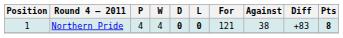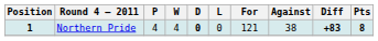 <table class="wikitable" style="text-align:center; font-size:85%;">
 <tr>
 <th width=40 abbr="Position">Position</th>
 <th width=100>Round 4 – 2011</th>
 <th width=20 abbr="Played">P</th>
 <th width=20 abbr="Won">W</th>
 <th width=20 abbr="Drawn">D</th>
 <th width=20 abbr="Lost">L</th>
 <th width=40 abbr="Points for">For</th>
 <th width=40 abbr="Points against">Against</th>
 <th width=40 abbr="Points difference">Diff</th>
 <th width=20 abbr="Points">Pts</th>
 </tr>
 <tr style="background: #d7ebed;">
-<td>1</td>
+<td><strong>1</strong></td>
 <td style="text-align:left;"> <a href='#'>Northern Pride</a></td>
 <td>4</td>
 <td>4</td>
 <td><strong>0</strong></td>
-<td><strong>0</strong></td>
+<td>0</td>
 <td>121</td>
 <td>38</td>
-<td>+83</td>
+<td><strong>+83</strong></td>
 <td><strong>8</strong></td>
 </tr>
 <tr>
 </tr>
 </table>
